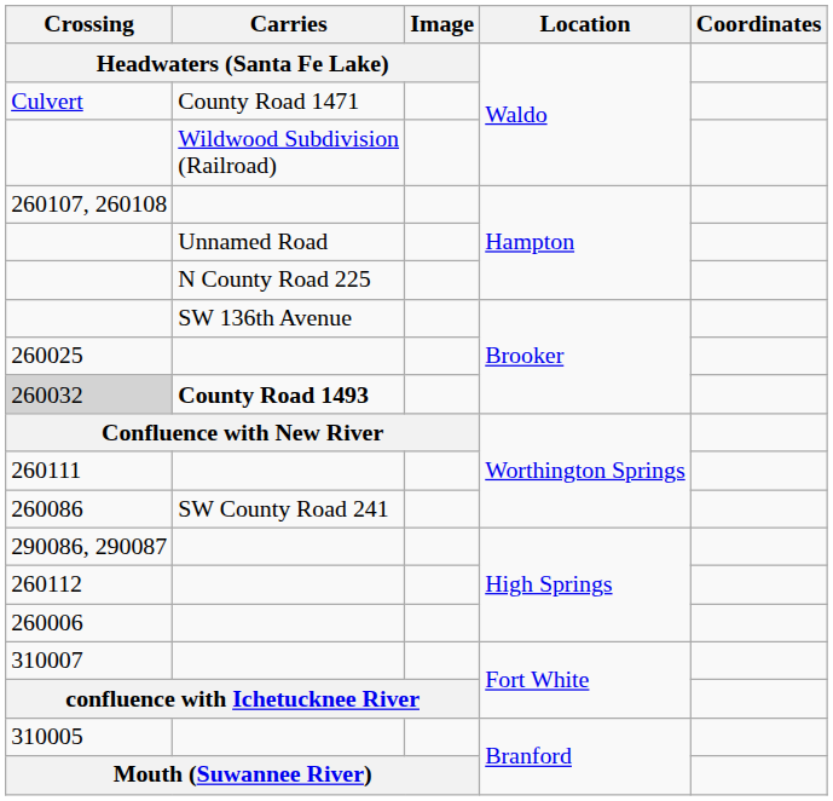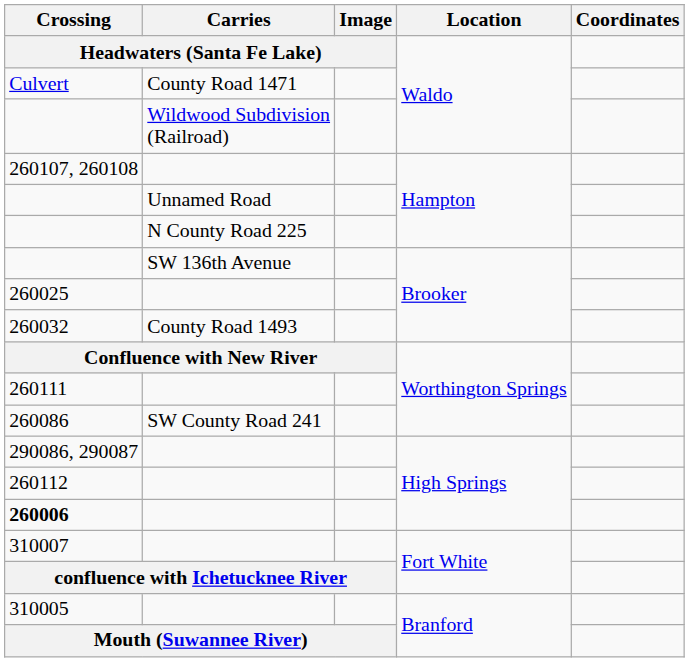 <table class="wikitable">
 <tr>
 <th>Crossing</th>
 <th>Carries</th>
 <th>Image</th>
 <th>Location</th>
 <th>Coordinates</th>
 </tr>
 <tr>
 <th colspan="3">Headwaters (Santa Fe Lake)</th>
 <td rowspan=3><a href='#'>Waldo</a></td>
 <td></td>
 </tr>
 <tr>
 <td><a href='#'>Culvert</a></td>
 <td> County Road 1471</td>
 <td></td>
 <td></td>
 </tr>
 <tr>
 <td></td>
 <td><a href='#'>Wildwood Subdivision</a><br>(Railroad)</td>
 <td></td>
 <td></td>
 </tr>
 <tr>
 <td>260107, 260108</td>
 <td></td>
 <td></td>
 <td rowspan=3><a href='#'>Hampton</a></td>
 <td></td>
 </tr>
 <tr>
 <td></td>
 <td>Unnamed Road</td>
 <td></td>
 <td></td>
 </tr>
 <tr>
 <td></td>
 <td> N County Road 225</td>
 <td></td>
 <td></td>
 </tr>
 <tr>
 <td></td>
 <td>SW 136th Avenue</td>
 <td></td>
 <td rowspan=3><a href='#'>Brooker</a></td>
 <td></td>
 </tr>
 <tr>
 <td>260025</td>
 <td></td>
 <td></td>
 <td></td>
 </tr>
 <tr>
-<td style="background: lightgrey;">260032</td>
-<td><strong> County Road 1493</strong></td>
+<td>260032</td>
+<td> County Road 1493</td>
 <td></td>
 <td></td>
 </tr>
 <tr>
 <th colspan="3">Confluence with New River</th>
 <td rowspan=3><a href='#'>Worthington Springs</a></td>
 <td></td>
 </tr>
 <tr>
 <td>260111</td>
 <td></td>
 <td></td>
 <td></td>
 </tr>
 <tr>
 <td>260086</td>
 <td> SW County Road 241</td>
 <td></td>
 <td></td>
 </tr>
 <tr>
 <td>290086, 290087</td>
 <td></td>
 <td></td>
 <td rowspan=3><a href='#'>High Springs</a></td>
 <td></td>
 </tr>
 <tr>
 <td>260112</td>
 <td></td>
 <td></td>
 <td></td>
 </tr>
 <tr>
-<td>260006</td>
+<td><strong>260006</strong></td>
 <td></td>
 <td></td>
 <td></td>
 </tr>
 <tr>
 <td>310007</td>
 <td></td>
 <td></td>
 <td rowspan=2><a href='#'>Fort White</a></td>
 <td></td>
 </tr>
 <tr>
 <th colspan="3">confluence with <a href='#'>Ichetucknee River</a></th>
 <td></td>
 </tr>
 <tr>
 <td>310005</td>
 <td></td>
 <td></td>
 <td rowspan=2><a href='#'>Branford</a></td>
 <td></td>
 </tr>
 <tr>
 <th colspan="3">Mouth (<a href='#'>Suwannee River</a>)</th>
 <td></td>
 </tr>
 </table>
